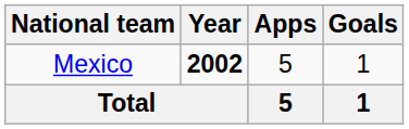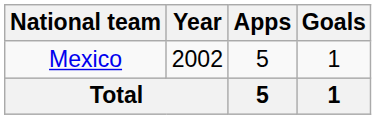 <table class="wikitable" style="text-align:center">
 <tr>
 <th>National team</th>
 <th>Year</th>
 <th>Apps</th>
 <th>Goals</th>
 </tr>
 <tr>
 <td rowspan="1"><a href='#'>Mexico</a></td>
-<td><strong>2002</strong></td>
+<td>2002</td>
 <td>5</td>
 <td>1</td>
 </tr>
 <tr>
 <th colspan=2>Total</th>
 <th>5</th>
 <th>1</th>
 </tr>
 </table>
